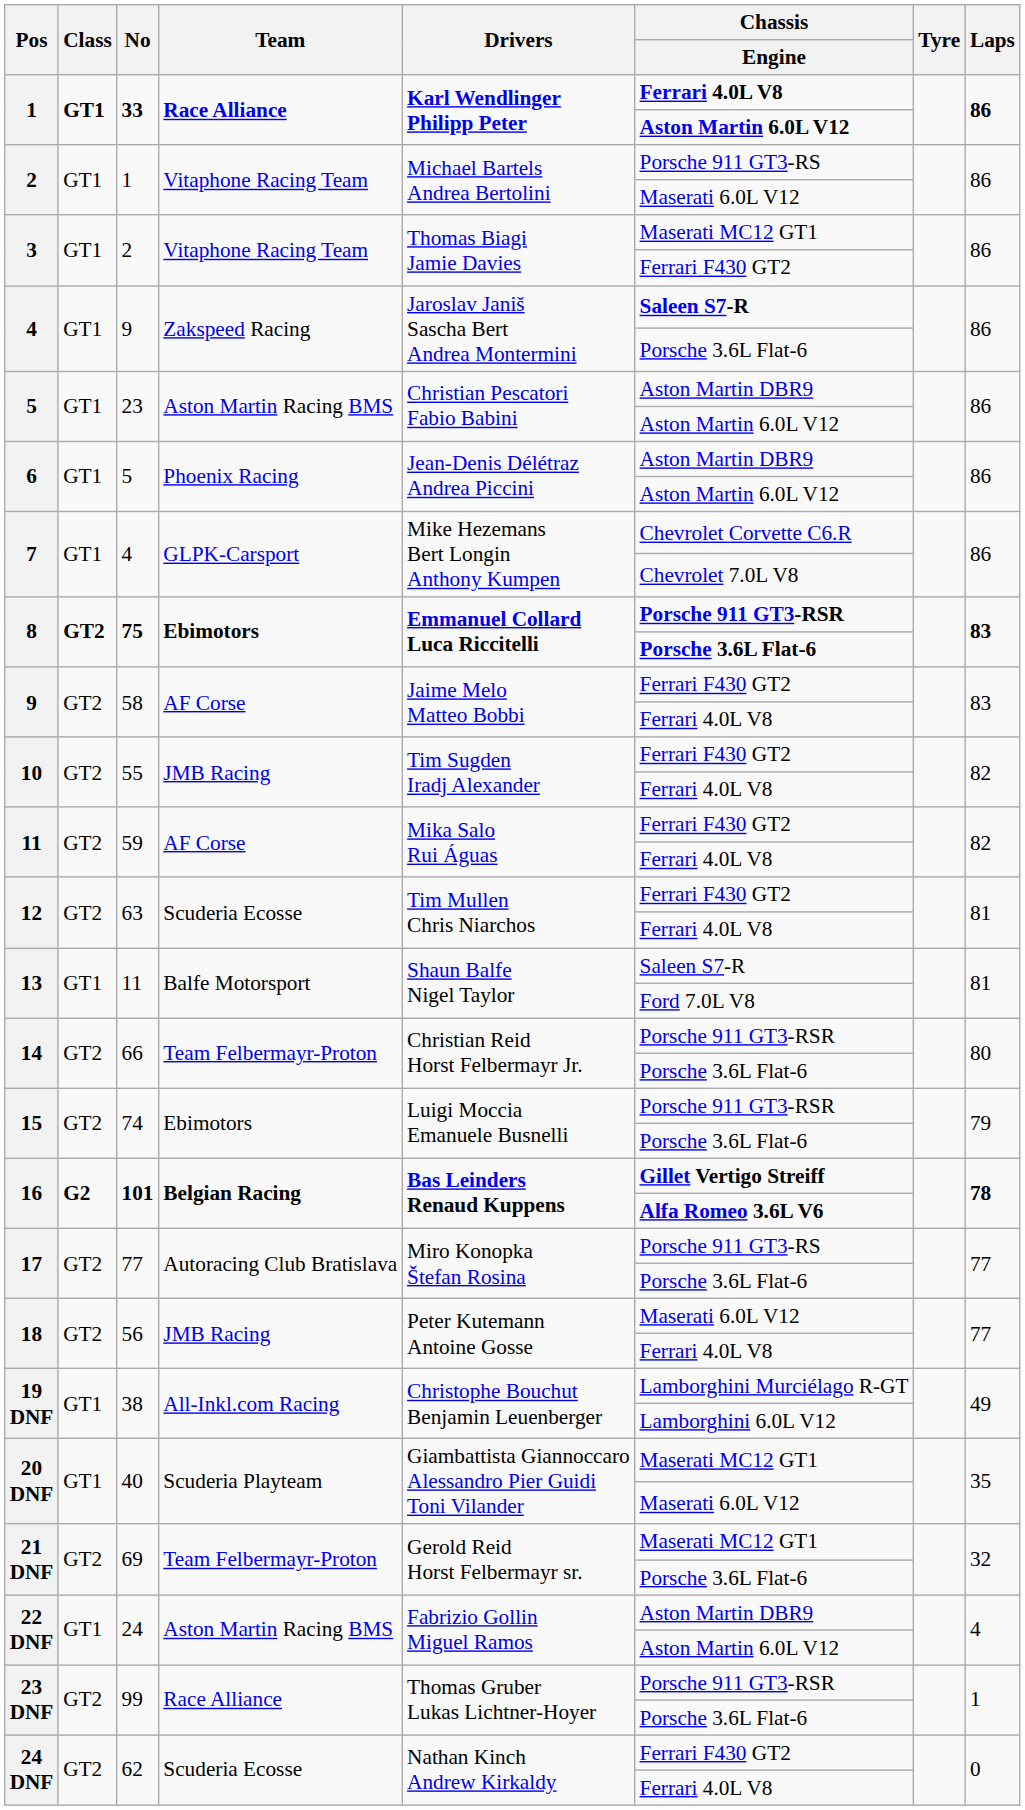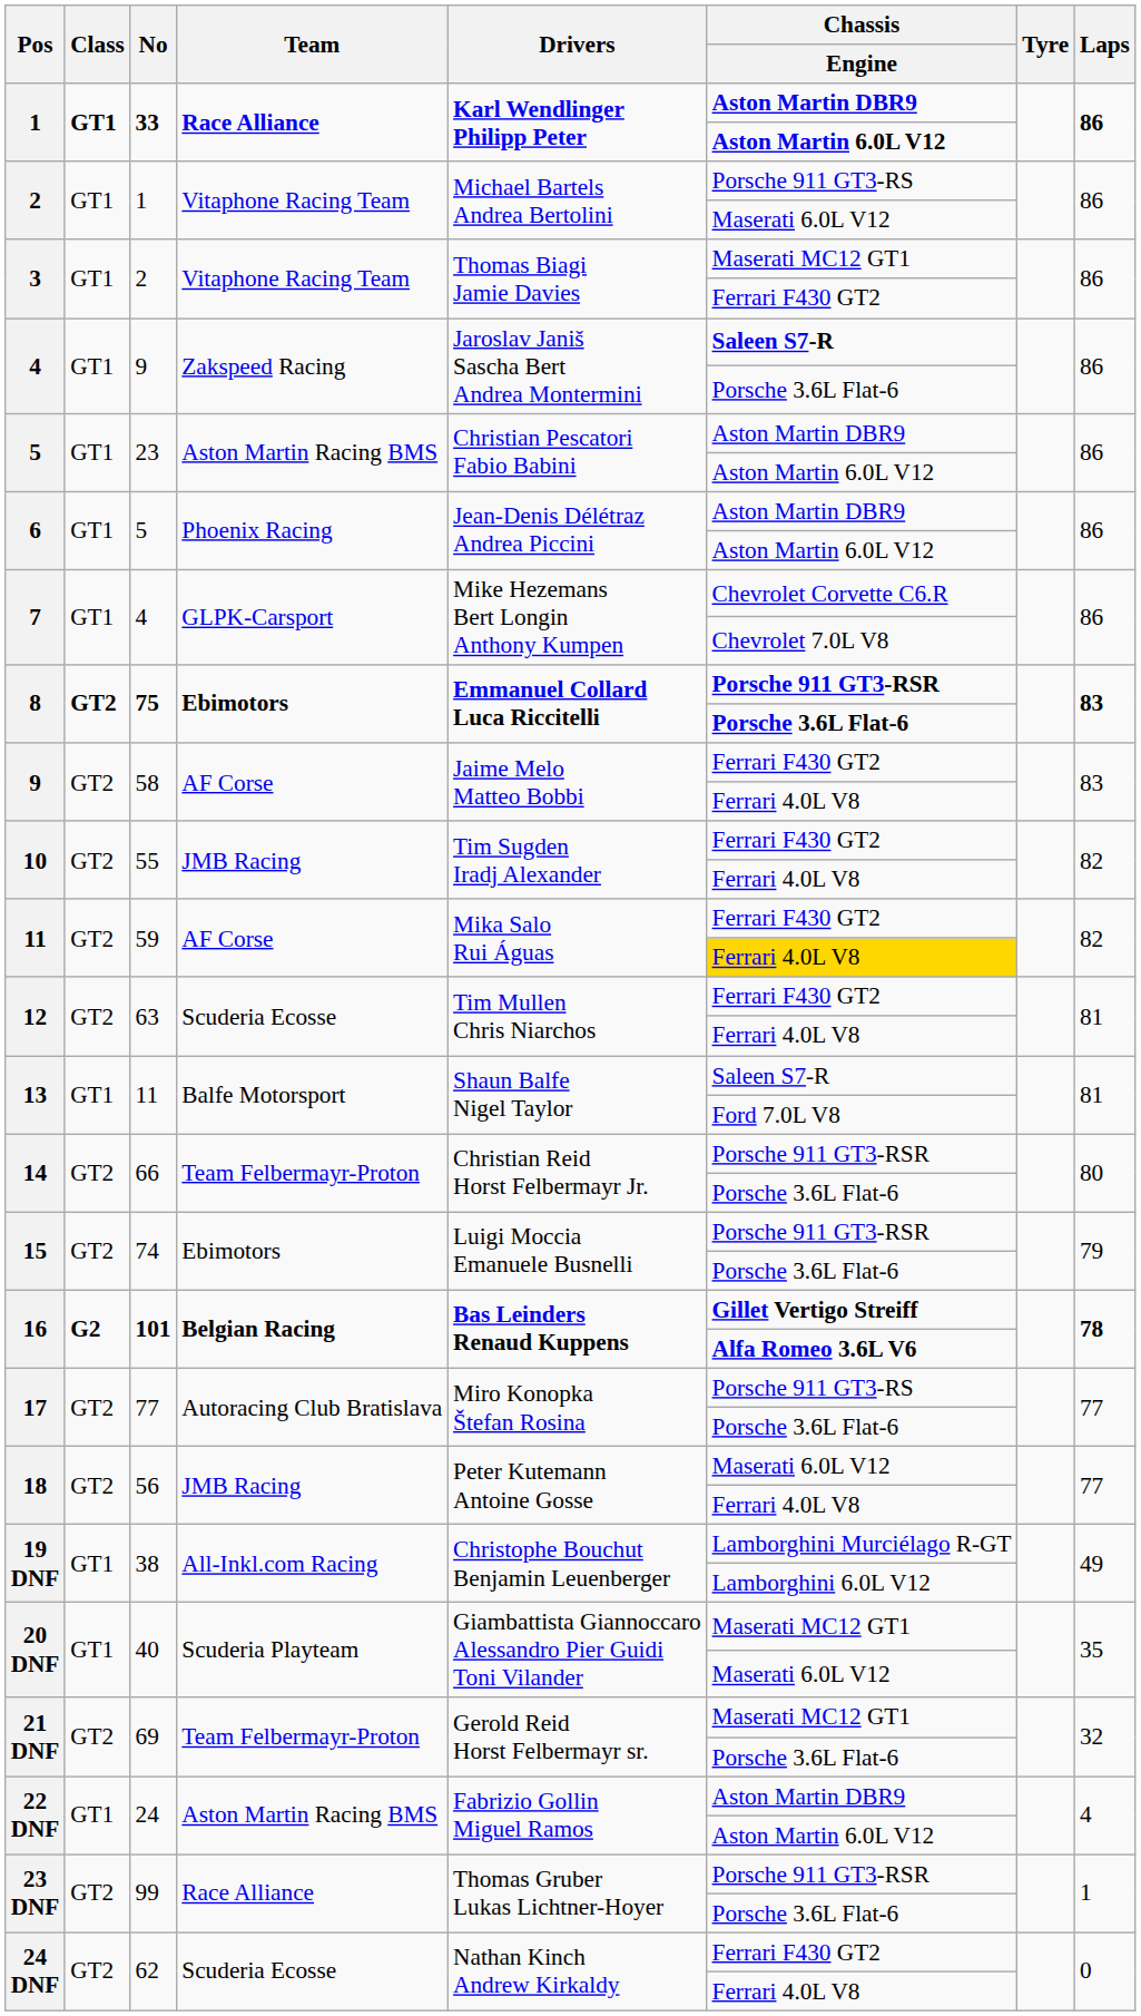 <table class="wikitable" style="font-size: 95%;">
 <tr>
 <th rowspan=2>Pos</th>
 <th rowspan=2>Class</th>
 <th rowspan=2>No</th>
 <th rowspan=2>Team</th>
 <th rowspan=2>Drivers</th>
 <th>Chassis</th>
 <th rowspan=2>Tyre</th>
 <th rowspan=2>Laps</th>
 </tr>
 <tr>
 <th>Engine</th>
 </tr>
 <tr style="font-weight:bold">
 <th rowspan=2>1</th>
 <td rowspan=2>GT1</td>
 <td rowspan=2>33</td>
 <td rowspan=2> <a href='#'>Race Alliance</a></td>
 <td rowspan=2> <a href='#'>Karl Wendlinger</a><br> <a href='#'>Philipp Peter</a></td>
-<td><a href='#'>Ferrari</a> 4.0L V8</td>
+<td><a href='#'>Aston Martin DBR9</a></td>
 <td rowspan=2></td>
 <td rowspan=2>86</td>
 </tr>
 <tr style="font-weight:bold">
 <td><a href='#'>Aston Martin</a> 6.0L V12</td>
 </tr>
 <tr>
 <th rowspan=2>2</th>
 <td rowspan=2>GT1</td>
 <td rowspan=2>1</td>
 <td rowspan=2> <a href='#'>Vitaphone Racing Team</a></td>
 <td rowspan=2> <a href='#'>Michael Bartels</a><br> <a href='#'>Andrea Bertolini</a></td>
 <td><a href='#'>Porsche 911 GT3</a>-RS</td>
 <td rowspan=2></td>
 <td rowspan=2>86</td>
 </tr>
 <tr>
 <td><a href='#'>Maserati</a> 6.0L V12</td>
 </tr>
 <tr>
 <th rowspan=2>3</th>
 <td rowspan=2>GT1</td>
 <td rowspan=2>2</td>
 <td rowspan=2> <a href='#'>Vitaphone Racing Team</a></td>
 <td rowspan=2> <a href='#'>Thomas Biagi</a><br> <a href='#'>Jamie Davies</a></td>
 <td><a href='#'>Maserati MC12</a> GT1</td>
 <td rowspan=2></td>
 <td rowspan=2>86</td>
 </tr>
 <tr>
 <td><a href='#'>Ferrari F430</a> GT2</td>
 </tr>
 <tr>
 <th rowspan=2>4</th>
 <td rowspan=2>GT1</td>
 <td rowspan=2>9</td>
 <td rowspan=2> <a href='#'>Zakspeed</a> Racing</td>
 <td rowspan=2> <a href='#'>Jaroslav Janiš</a><br> Sascha Bert<br> <a href='#'>Andrea Montermini</a></td>
 <td><strong><a href='#'>Saleen S7</a>-R</strong></td>
 <td rowspan=2></td>
 <td rowspan=2>86</td>
 </tr>
 <tr>
 <td><a href='#'>Porsche</a> 3.6L Flat-6</td>
 </tr>
 <tr>
 <th rowspan=2>5</th>
 <td rowspan=2>GT1</td>
 <td rowspan=2>23</td>
 <td rowspan=2> <a href='#'>Aston Martin</a> Racing <a href='#'>BMS</a></td>
 <td rowspan=2> <a href='#'>Christian Pescatori</a><br> <a href='#'>Fabio Babini</a></td>
 <td><a href='#'>Aston Martin DBR9</a></td>
 <td rowspan=2></td>
 <td rowspan=2>86</td>
 </tr>
 <tr>
 <td><a href='#'>Aston Martin</a> 6.0L V12</td>
 </tr>
 <tr>
 <th rowspan=2>6</th>
 <td rowspan=2>GT1</td>
 <td rowspan=2>5</td>
 <td rowspan=2> <a href='#'>Phoenix Racing</a></td>
 <td rowspan=2> <a href='#'>Jean-Denis Délétraz</a><br> <a href='#'>Andrea Piccini</a></td>
 <td><a href='#'>Aston Martin DBR9</a></td>
 <td rowspan=2></td>
 <td rowspan=2>86</td>
 </tr>
 <tr>
 <td><a href='#'>Aston Martin</a> 6.0L V12</td>
 </tr>
 <tr>
 <th rowspan=2>7</th>
 <td rowspan=2>GT1</td>
 <td rowspan=2>4</td>
 <td rowspan=2> <a href='#'>GLPK-Carsport</a></td>
 <td rowspan=2> Mike Hezemans<br> Bert Longin<br> <a href='#'>Anthony Kumpen</a></td>
 <td><a href='#'>Chevrolet Corvette C6.R</a></td>
 <td rowspan=2></td>
 <td rowspan=2>86</td>
 </tr>
 <tr>
 <td><a href='#'>Chevrolet</a> 7.0L V8</td>
 </tr>
 <tr style="font-weight:bold">
 <th rowspan=2>8</th>
 <td rowspan=2>GT2</td>
 <td rowspan=2>75</td>
 <td rowspan=2> Ebimotors</td>
 <td rowspan=2> <a href='#'>Emmanuel Collard</a><br> Luca Riccitelli</td>
 <td><a href='#'>Porsche 911 GT3</a>-RSR</td>
 <td rowspan=2></td>
 <td rowspan=2>83</td>
 </tr>
 <tr style="font-weight:bold">
 <td><a href='#'>Porsche</a> 3.6L Flat-6</td>
 </tr>
 <tr>
 <th rowspan=2>9</th>
 <td rowspan=2>GT2</td>
 <td rowspan=2>58</td>
 <td rowspan=2> <a href='#'>AF Corse</a></td>
 <td rowspan=2> <a href='#'>Jaime Melo</a><br> <a href='#'>Matteo Bobbi</a></td>
 <td><a href='#'>Ferrari F430</a> GT2</td>
 <td rowspan=2></td>
 <td rowspan=2>83</td>
 </tr>
 <tr>
 <td><a href='#'>Ferrari</a> 4.0L V8</td>
 </tr>
 <tr>
 <th rowspan=2>10</th>
 <td rowspan=2>GT2</td>
 <td rowspan=2>55</td>
 <td rowspan=2> <a href='#'>JMB Racing</a></td>
 <td rowspan=2> <a href='#'>Tim Sugden</a><br> <a href='#'>Iradj Alexander</a></td>
 <td><a href='#'>Ferrari F430</a> GT2</td>
 <td rowspan=2></td>
 <td rowspan=2>82</td>
 </tr>
 <tr>
 <td><a href='#'>Ferrari</a> 4.0L V8</td>
 </tr>
 <tr>
 <th rowspan=2>11</th>
 <td rowspan=2>GT2</td>
 <td rowspan=2>59</td>
 <td rowspan=2> <a href='#'>AF Corse</a></td>
 <td rowspan=2> <a href='#'>Mika Salo</a><br> <a href='#'>Rui Águas</a></td>
 <td><a href='#'>Ferrari F430</a> GT2</td>
 <td rowspan=2></td>
 <td rowspan=2>82</td>
 </tr>
 <tr>
-<td><a href='#'>Ferrari</a> 4.0L V8</td>
+<td style="background: gold;"><a href='#'>Ferrari</a> 4.0L V8</td>
 </tr>
 <tr>
 <th rowspan=2>12</th>
 <td rowspan=2>GT2</td>
 <td rowspan=2>63</td>
 <td rowspan=2> Scuderia Ecosse</td>
 <td rowspan=2> <a href='#'>Tim Mullen</a><br> Chris Niarchos</td>
 <td><a href='#'>Ferrari F430</a> GT2</td>
 <td rowspan=2></td>
 <td rowspan=2>81</td>
 </tr>
 <tr>
 <td><a href='#'>Ferrari</a> 4.0L V8</td>
 </tr>
 <tr>
 <th rowspan=2>13</th>
 <td rowspan=2>GT1</td>
 <td rowspan=2>11</td>
 <td rowspan=2> Balfe Motorsport</td>
 <td rowspan=2> <a href='#'>Shaun Balfe</a><br> Nigel Taylor</td>
 <td><a href='#'>Saleen S7</a>-R</td>
 <td rowspan=2></td>
 <td rowspan=2>81</td>
 </tr>
 <tr>
 <td><a href='#'>Ford</a> 7.0L V8</td>
 </tr>
 <tr>
 <th rowspan=2>14</th>
 <td rowspan=2>GT2</td>
 <td rowspan=2>66</td>
 <td rowspan=2> <a href='#'>Team Felbermayr-Proton</a></td>
 <td rowspan=2> Christian Reid<br> Horst Felbermayr Jr.</td>
 <td><a href='#'>Porsche 911 GT3</a>-RSR</td>
 <td rowspan=2></td>
 <td rowspan=2>80</td>
 </tr>
 <tr>
 <td><a href='#'>Porsche</a> 3.6L Flat-6</td>
 </tr>
 <tr>
 <th rowspan=2>15</th>
 <td rowspan=2>GT2</td>
 <td rowspan=2>74</td>
 <td rowspan=2> Ebimotors</td>
 <td rowspan=2> Luigi Moccia<br> Emanuele Busnelli</td>
 <td><a href='#'>Porsche 911 GT3</a>-RSR</td>
 <td rowspan=2></td>
 <td rowspan=2>79</td>
 </tr>
 <tr>
 <td><a href='#'>Porsche</a> 3.6L Flat-6</td>
 </tr>
 <tr style="font-weight:bold">
 <th rowspan=2>16</th>
 <td rowspan=2>G2</td>
 <td rowspan=2>101</td>
 <td rowspan=2> Belgian Racing</td>
 <td rowspan=2> <a href='#'>Bas Leinders</a><br> Renaud Kuppens</td>
 <td><a href='#'>Gillet</a> Vertigo Streiff</td>
 <td rowspan=2></td>
 <td rowspan=2>78</td>
 </tr>
 <tr style="font-weight:bold">
 <td><a href='#'>Alfa Romeo</a> 3.6L V6</td>
 </tr>
 <tr>
 <th rowspan=2>17</th>
 <td rowspan=2>GT2</td>
 <td rowspan=2>77</td>
 <td rowspan=2> Autoracing Club Bratislava</td>
 <td rowspan=2> Miro Konopka<br> <a href='#'>Štefan Rosina</a></td>
 <td><a href='#'>Porsche 911 GT3</a>-RS</td>
 <td rowspan=2></td>
 <td rowspan=2>77</td>
 </tr>
 <tr>
 <td><a href='#'>Porsche</a> 3.6L Flat-6</td>
 </tr>
 <tr>
 <th rowspan=2>18</th>
 <td rowspan=2>GT2</td>
 <td rowspan=2>56</td>
 <td rowspan=2> <a href='#'>JMB Racing</a></td>
 <td rowspan=2> Peter Kutemann<br> Antoine Gosse</td>
 <td><a href='#'>Maserati</a> 6.0L V12</td>
 <td rowspan=2></td>
 <td rowspan=2>77</td>
 </tr>
 <tr>
 <td><a href='#'>Ferrari</a> 4.0L V8</td>
 </tr>
 <tr>
 <th rowspan=2>19<br>DNF</th>
 <td rowspan=2>GT1</td>
 <td rowspan=2>38</td>
 <td rowspan=2> <a href='#'>All-Inkl.com Racing</a></td>
 <td rowspan=2> <a href='#'>Christophe Bouchut</a><br> Benjamin Leuenberger</td>
 <td><a href='#'>Lamborghini Murciélago</a> R-GT</td>
 <td rowspan=2></td>
 <td rowspan=2>49</td>
 </tr>
 <tr>
 <td><a href='#'>Lamborghini</a> 6.0L V12</td>
 </tr>
 <tr>
 <th rowspan=2>20<br>DNF</th>
 <td rowspan=2>GT1</td>
 <td rowspan=2>40</td>
 <td rowspan=2> Scuderia Playteam</td>
 <td rowspan=2> Giambattista Giannoccaro<br> <a href='#'>Alessandro Pier Guidi</a><br> <a href='#'>Toni Vilander</a></td>
 <td><a href='#'>Maserati MC12</a> GT1</td>
 <td rowspan=2></td>
 <td rowspan=2>35</td>
 </tr>
 <tr>
 <td><a href='#'>Maserati</a> 6.0L V12</td>
 </tr>
 <tr>
 <th rowspan=2>21<br>DNF</th>
 <td rowspan=2>GT2</td>
 <td rowspan=2>69</td>
 <td rowspan=2> <a href='#'>Team Felbermayr-Proton</a></td>
 <td rowspan=2> Gerold Reid<br> Horst Felbermayr sr.</td>
 <td><a href='#'>Maserati MC12</a> GT1</td>
 <td rowspan=2></td>
 <td rowspan=2>32</td>
 </tr>
 <tr>
 <td><a href='#'>Porsche</a> 3.6L Flat-6</td>
 </tr>
 <tr>
 <th rowspan=2>22<br>DNF</th>
 <td rowspan=2>GT1</td>
 <td rowspan=2>24</td>
 <td rowspan=2> <a href='#'>Aston Martin</a> Racing <a href='#'>BMS</a></td>
 <td rowspan=2> <a href='#'>Fabrizio Gollin</a><br> <a href='#'>Miguel Ramos</a></td>
 <td><a href='#'>Aston Martin DBR9</a></td>
 <td rowspan=2></td>
 <td rowspan=2>4</td>
 </tr>
 <tr>
 <td><a href='#'>Aston Martin</a> 6.0L V12</td>
 </tr>
 <tr>
 <th rowspan=2>23<br>DNF</th>
 <td rowspan=2>GT2</td>
 <td rowspan=2>99</td>
 <td rowspan=2> <a href='#'>Race Alliance</a></td>
 <td rowspan=2> Thomas Gruber<br> Lukas Lichtner-Hoyer</td>
 <td><a href='#'>Porsche 911 GT3</a>-RSR</td>
 <td rowspan=2></td>
 <td rowspan=2>1</td>
 </tr>
 <tr>
 <td><a href='#'>Porsche</a> 3.6L Flat-6</td>
 </tr>
 <tr>
 <th rowspan=2>24<br>DNF</th>
 <td rowspan=2>GT2</td>
 <td rowspan=2>62</td>
 <td rowspan=2> Scuderia Ecosse</td>
 <td rowspan=2> Nathan Kinch<br> <a href='#'>Andrew Kirkaldy</a></td>
 <td><a href='#'>Ferrari F430</a> GT2</td>
 <td rowspan=2></td>
 <td rowspan=2>0</td>
 </tr>
 <tr>
 <td><a href='#'>Ferrari</a> 4.0L V8</td>
 </tr>
 </table>
